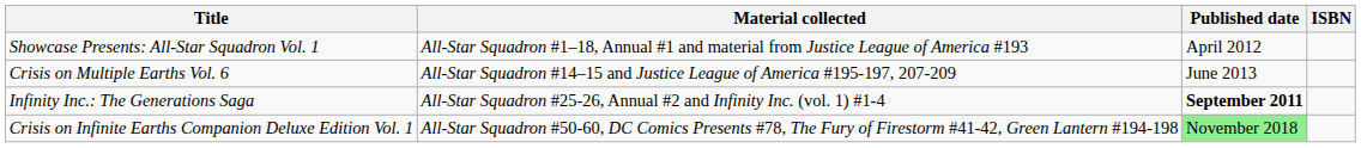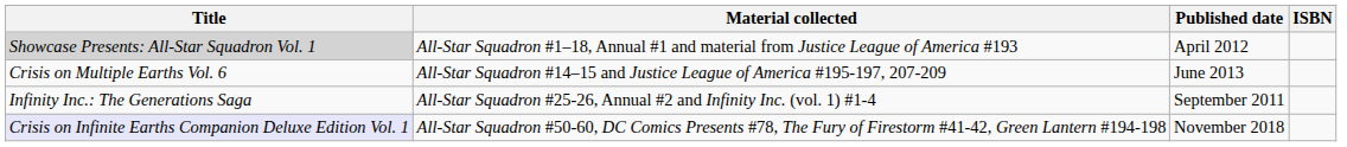 <table class="wikitable">
 <tr>
 <th>Title</th>
 <th>Material collected</th>
 <th>Published date</th>
 <th>ISBN</th>
 </tr>
 <tr>
-<td><em>Showcase Presents: All-Star Squadron Vol. 1</em></td>
+<td style="background: lightgrey;"><em>Showcase Presents: All-Star Squadron Vol. 1</em></td>
 <td><em>All-Star Squadron</em> #1–18, Annual #1 and material from <em>Justice League of America</em> #193</td>
 <td>April 2012</td>
 <td></td>
 </tr>
 <tr>
 <td><em>Crisis on Multiple Earths Vol. 6</em></td>
 <td><em>All-Star Squadron</em> #14–15 and <em>Justice League of America</em> #195-197, 207-209</td>
 <td>June 2013</td>
 <td></td>
 </tr>
 <tr>
 <td><em>Infinity Inc.: The Generations Saga</em></td>
 <td><em>All-Star Squadron</em> #25-26, Annual #2 and <em>Infinity Inc.</em> (vol. 1) #1-4</td>
-<td><strong>September 2011</strong></td>
+<td>September 2011</td>
 <td></td>
 </tr>
 <tr>
-<td><em>Crisis on Infinite Earths Companion Deluxe Edition Vol. 1</em></td>
+<td style="background: lavender;"><em>Crisis on Infinite Earths Companion Deluxe Edition Vol. 1</em></td>
 <td><em>All-Star Squadron</em> #50-60, <em>DC Comics Presents</em> #78, <em>The Fury of Firestorm</em> #41-42, <em>Green Lantern</em> #194-198</td>
-<td style="background: lightgreen;">November 2018</td>
+<td>November 2018</td>
 <td></td>
 </tr>
 </table>
